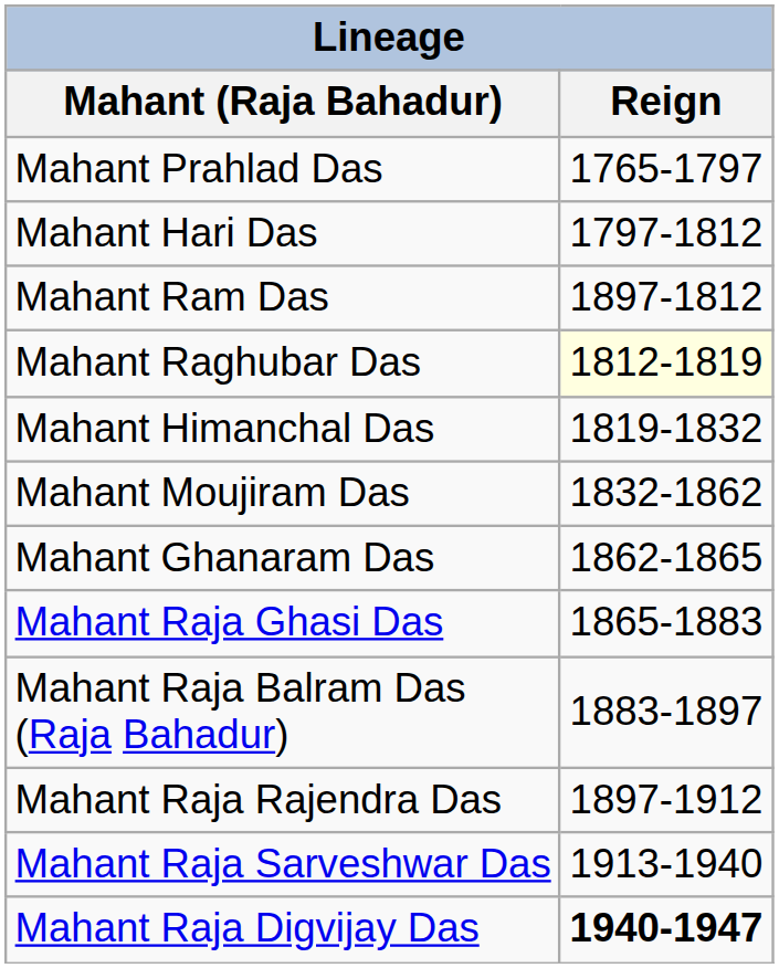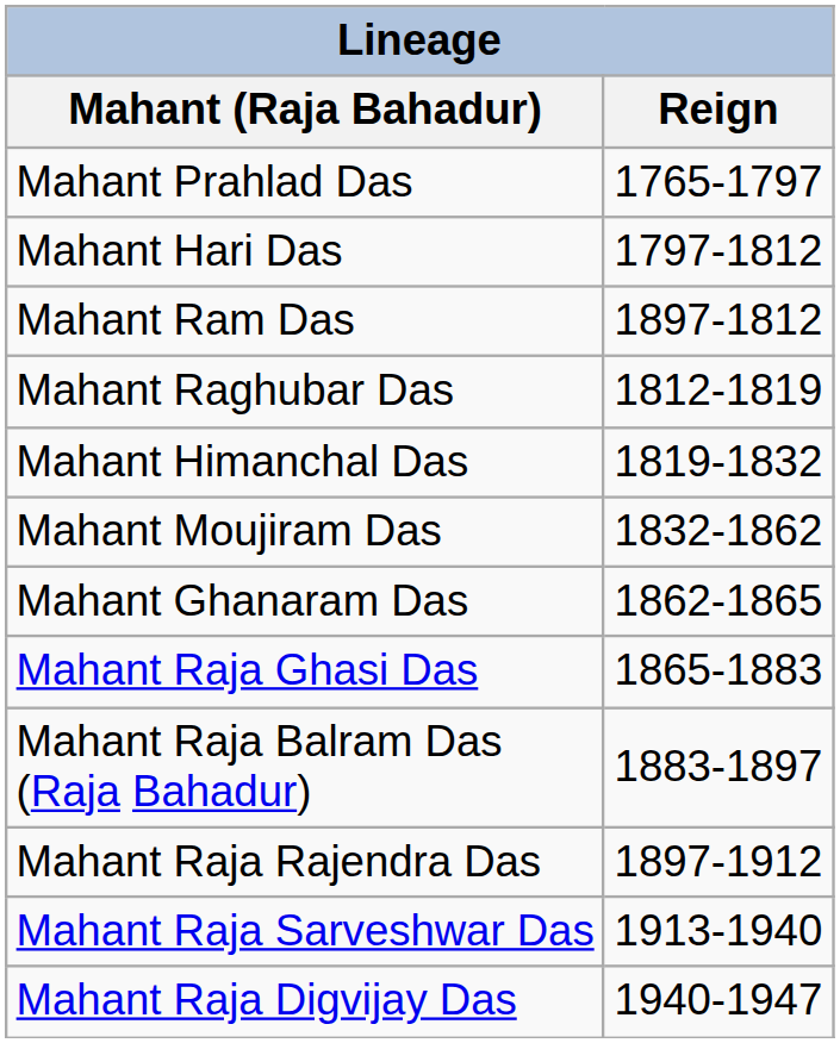 <table class="wikitable" style="font-size: 98%;">
 <tr>
 <th colspan="6" style="background: LightSteelBlue;">Lineage</th>
 </tr>
 <tr>
 <th>Mahant (Raja Bahadur)</th>
 <th>Reign</th>
 </tr>
 <tr>
 <td>Mahant Prahlad Das</td>
 <td>1765-1797</td>
 </tr>
 <tr>
 <td>Mahant Hari Das</td>
 <td>1797-1812</td>
 </tr>
 <tr>
 <td>Mahant Ram Das</td>
 <td>1897-1812</td>
 </tr>
 <tr>
 <td>Mahant Raghubar Das</td>
-<td style="background: lightyellow;">1812-1819</td>
+<td>1812-1819</td>
 </tr>
 <tr>
 <td>Mahant Himanchal Das</td>
 <td>1819-1832</td>
 </tr>
 <tr>
 <td>Mahant Moujiram Das</td>
 <td>1832-1862</td>
 </tr>
 <tr>
 <td>Mahant Ghanaram Das</td>
 <td>1862-1865</td>
 </tr>
 <tr>
 <td><a href='#'>Mahant Raja Ghasi Das</a></td>
 <td>1865-1883</td>
 </tr>
 <tr>
 <td>Mahant Raja Balram Das<br>(<a href='#'>Raja</a> <a href='#'>Bahadur</a>)</td>
 <td>1883-1897</td>
 </tr>
 <tr>
 <td>Mahant Raja Rajendra Das</td>
 <td>1897-1912</td>
 </tr>
 <tr>
 <td><a href='#'>Mahant Raja Sarveshwar Das</a></td>
 <td>1913-1940</td>
 </tr>
 <tr>
 <td><a href='#'>Mahant Raja Digvijay Das</a></td>
-<td><strong>1940-1947</strong></td>
+<td>1940-1947</td>
 </tr>
 <tr>
 </tr>
 </table>
